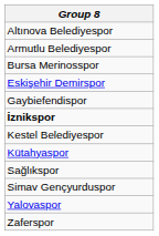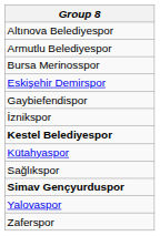 <table class="wikitable collapsible collapsed" style="font-size:95%;">
 <tr>
 <th colspan="1" width="200"><em>Group 8</em></th>
 </tr>
 <tr>
 <td>Altınova Belediyespor</td>
 </tr>
 <tr>
 <td>Armutlu Belediyespor</td>
 </tr>
 <tr>
 <td>Bursa Merinosspor</td>
 </tr>
 <tr>
 <td><a href='#'>Eskişehir Demirspor</a></td>
 </tr>
 <tr>
 <td>Gaybiefendispor</td>
 </tr>
 <tr>
-<td><strong>İznikspor</strong></td>
+<td>İznikspor</td>
 </tr>
 <tr>
-<td>Kestel Belediyespor</td>
+<td><strong>Kestel Belediyespor</strong></td>
 </tr>
 <tr>
 <td><a href='#'>Kütahyaspor</a></td>
 </tr>
 <tr>
 <td>Sağlıkspor</td>
 </tr>
 <tr>
-<td>Simav Gençyurduspor</td>
+<td><strong>Simav Gençyurduspor</strong></td>
 </tr>
 <tr>
 <td><a href='#'>Yalovaspor</a></td>
 </tr>
 <tr>
 <td>Zaferspor</td>
 </tr>
 </table>
